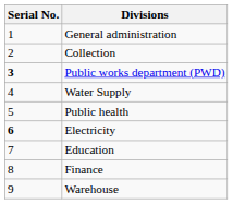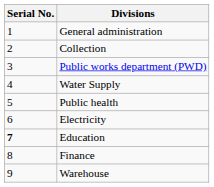 <table class="wikitable">
 <tr>
 <th>Serial No.</th>
 <th>Divisions</th>
 </tr>
 <tr>
 <td>1</td>
 <td>General administration</td>
 </tr>
 <tr>
 <td>2</td>
 <td>Collection</td>
 </tr>
 <tr>
-<td><strong>3</strong></td>
+<td>3</td>
 <td><a href='#'>Public works department (PWD)</a></td>
 </tr>
 <tr>
 <td>4</td>
 <td>Water Supply</td>
 </tr>
 <tr>
 <td>5</td>
 <td>Public health</td>
 </tr>
 <tr>
-<td><strong>6</strong></td>
+<td>6</td>
 <td>Electricity</td>
 </tr>
 <tr>
-<td>7</td>
+<td><strong>7</strong></td>
 <td>Education</td>
 </tr>
 <tr>
 <td>8</td>
 <td>Finance</td>
 </tr>
 <tr>
 <td>9</td>
 <td>Warehouse</td>
 </tr>
 </table>
